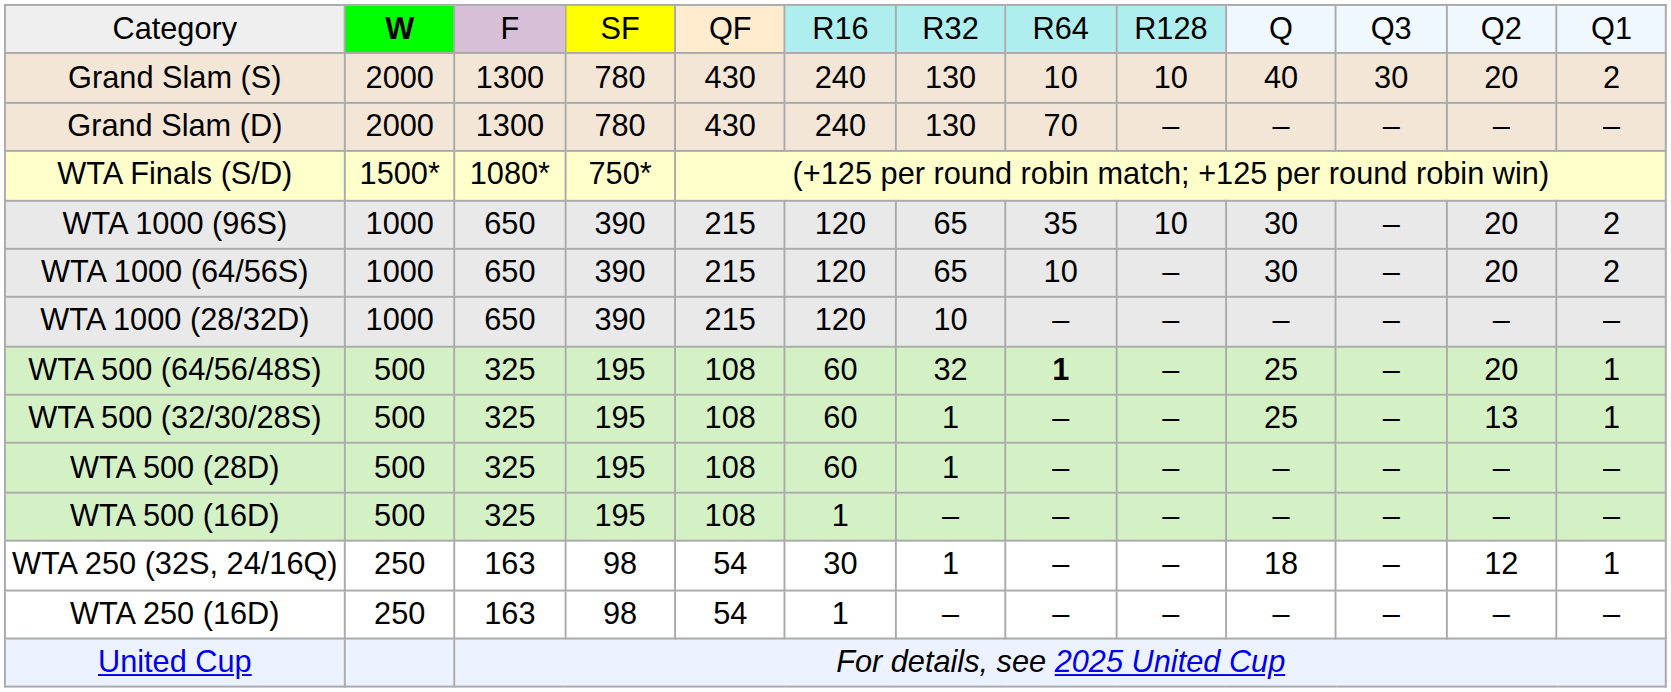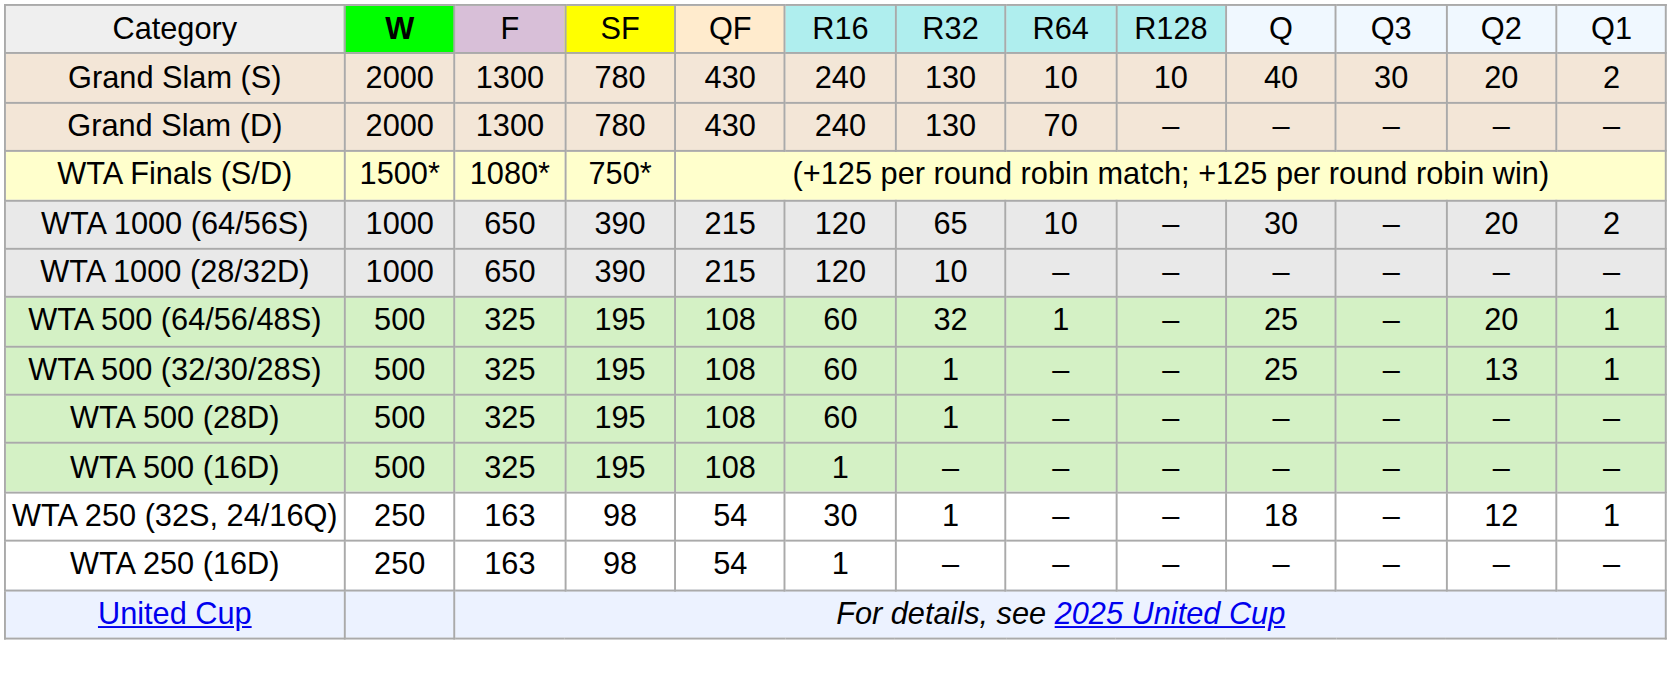 <table class="wikitable" style=text-align:center>
 <tr>
 <td style="background:#efefef;">Category</td>
 <td style="width:50px; background:lime;"><strong>W</strong></td>
 <td style="width:50px; background:thistle;">F</td>
 <td style="width:50px; background:#ff0;">SF</td>
 <td style="width:50px; background:#ffebcd;">QF</td>
 <td style="width:50px; background:#afeeee;">R16</td>
 <td style="width:50px; background:#afeeee;">R32</td>
 <td style="width:50px; background:#afeeee;">R64</td>
 <td style="width:50px; background:#afeeee;">R128</td>
 <td style="width:50px; background:#f0f8ff;">Q</td>
 <td style="width:50px; background:#f0f8ff;">Q3</td>
 <td style="width:50px; background:#f0f8ff;">Q2</td>
 <td style="width:50px; background:#f0f8ff;">Q1</td>
 </tr>
 <tr style="background:#F3E6D7;">
 <td>Grand Slam (S)</td>
 <td>2000</td>
 <td>1300</td>
 <td>780</td>
 <td>430</td>
 <td>240</td>
 <td>130</td>
 <td>10</td>
 <td>10</td>
 <td>40</td>
 <td>30</td>
 <td>20</td>
 <td>2</td>
 </tr>
 <tr style="background:#F3E6D7;">
 <td>Grand Slam (D)</td>
 <td>2000</td>
 <td>1300</td>
 <td>780</td>
 <td>430</td>
 <td>240</td>
 <td>130</td>
 <td>70</td>
 <td>–</td>
 <td>–</td>
 <td>–</td>
 <td>–</td>
 <td>–</td>
 </tr>
 <tr style="background:#ffc;">
 <td>WTA Finals (S/D)</td>
 <td>1500*</td>
 <td>1080*</td>
 <td>750*</td>
 <td colspan="9" style="text-align:center">(+125 per round robin match; +125 per round robin win)</td>
 </tr>
 <tr style="background:#e9e9e9;">
-<td>WTA 1000 (96S)</td>
-<td>1000</td>
-<td>650</td>
-<td>390</td>
-<td>215</td>
-<td>120</td>
-<td>65</td>
-<td>35</td>
-<td>10</td>
-<td>30</td>
-<td>–</td>
-<td>20</td>
-<td>2</td>
-</tr>
-<tr style="background:#e9e9e9;">
 <td>WTA 1000 (64/56S)</td>
 <td>1000</td>
 <td>650</td>
 <td>390</td>
 <td>215</td>
 <td>120</td>
 <td>65</td>
 <td>10</td>
 <td>–</td>
 <td>30</td>
 <td>–</td>
 <td>20</td>
 <td>2</td>
 </tr>
 <tr style="background:#e9e9e9;">
 <td>WTA 1000 (28/32D)</td>
 <td>1000</td>
 <td>650</td>
 <td>390</td>
 <td>215</td>
 <td>120</td>
 <td>10</td>
 <td>–</td>
 <td>–</td>
 <td>–</td>
 <td>–</td>
 <td>–</td>
 <td>–</td>
 </tr>
 <tr style="background:#D4F1C5;">
 <td>WTA 500 (64/56/48S)</td>
 <td>500</td>
 <td>325</td>
 <td>195</td>
 <td>108</td>
 <td>60</td>
 <td>32</td>
-<td><strong>1</strong></td>
+<td>1</td>
 <td>–</td>
 <td>25</td>
 <td>–</td>
 <td>20</td>
 <td>1</td>
 </tr>
 <tr style="background:#D4F1C5;">
 <td>WTA 500 (32/30/28S)</td>
 <td>500</td>
 <td>325</td>
 <td>195</td>
 <td>108</td>
 <td>60</td>
 <td>1</td>
 <td>–</td>
 <td>–</td>
 <td>25</td>
 <td>–</td>
 <td>13</td>
 <td>1</td>
 </tr>
 <tr style="background:#D4F1C5;">
 <td>WTA 500 (28D)</td>
 <td>500</td>
 <td>325</td>
 <td>195</td>
 <td>108</td>
 <td>60</td>
 <td>1</td>
 <td>–</td>
 <td>–</td>
 <td>–</td>
 <td>–</td>
 <td>–</td>
 <td>–</td>
 </tr>
 <tr style="background:#D4F1C5;">
 <td>WTA 500 (16D)</td>
 <td>500</td>
 <td>325</td>
 <td>195</td>
 <td>108</td>
 <td>1</td>
 <td>–</td>
 <td>–</td>
 <td>–</td>
 <td>–</td>
 <td>–</td>
 <td>–</td>
 <td>–</td>
 </tr>
 <tr style="background:#fff;">
 <td>WTA 250 (32S, 24/16Q)</td>
 <td>250</td>
 <td>163</td>
 <td>98</td>
 <td>54</td>
 <td>30</td>
 <td>1</td>
 <td>–</td>
 <td>–</td>
 <td>18</td>
 <td>–</td>
 <td>12</td>
 <td>1</td>
 </tr>
 <tr style="background:#fff;">
 <td>WTA 250 (16D)</td>
 <td>250</td>
 <td>163</td>
 <td>98</td>
 <td>54</td>
 <td>1</td>
 <td>–</td>
 <td>–</td>
 <td>–</td>
 <td>–</td>
 <td>–</td>
 <td>–</td>
 <td>–</td>
 </tr>
 <tr style="background:#ecf2ff;">
 <td><a href='#'>United Cup</a></td>
 <td></td>
 <td colspan="11"><em>For details, see <a href='#'>2025 United Cup</a></em></td>
 </tr>
 </table>
